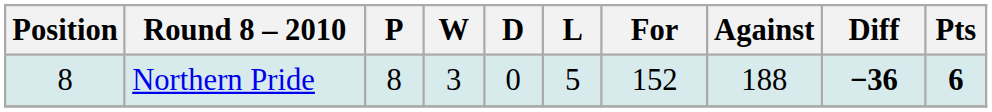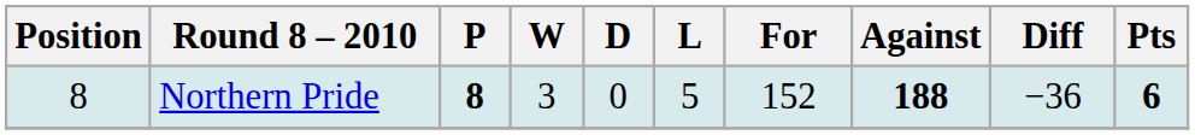 <table class="wikitable" style="text-align:center; font-size:85%;">
 <tr>
 <th width=40 abbr="Position">Position</th>
 <th width=100>Round 8 – 2010</th>
 <th width=20 abbr="Played">P</th>
 <th width=20 abbr="Won">W</th>
 <th width=20 abbr="Drawn">D</th>
 <th width=20 abbr="Lost">L</th>
 <th width=40 abbr="Points for">For</th>
 <th width=40 abbr="Points against">Against</th>
 <th width=40 abbr="Points difference">Diff</th>
 <th width=20 abbr="Points">Pts</th>
 </tr>
 <tr style="background: #d7ebed;">
 <td>8</td>
 <td style="text-align:left;"> <a href='#'>Northern Pride</a></td>
-<td>8</td>
+<td><strong>8</strong></td>
 <td>3</td>
 <td>0</td>
 <td>5</td>
 <td>152</td>
-<td>188</td>
-<td><strong>−36</strong></td>
+<td><strong>188</strong></td>
+<td>−36</td>
 <td><strong>6</strong></td>
 </tr>
 <tr>
 </tr>
 </table>
